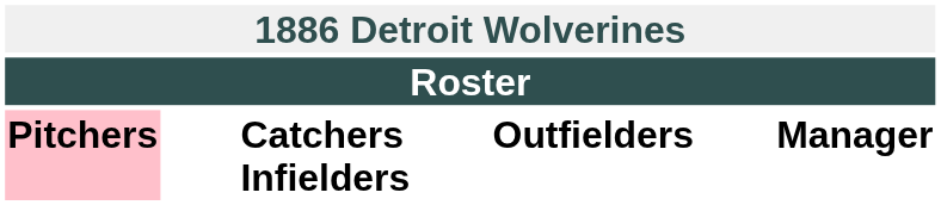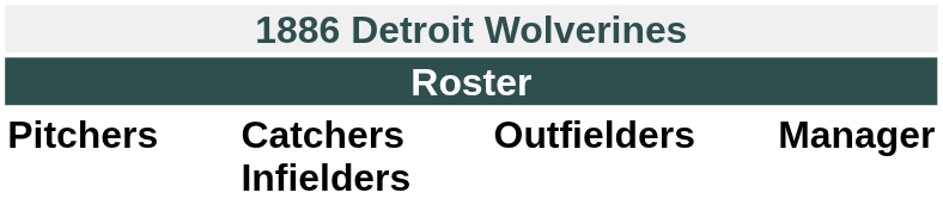 <table class="toccolours" style="font-size: 95%;">
 <tr>
 <th colspan="10" style="background-color: #F0F0F0; color: #2F4F4F; text-align: center;">1886 Detroit Wolverines</th>
 </tr>
 <tr>
 <td colspan="10" style="background-color: #2F4F4F; color: white; text-align: center;"><strong>Roster</strong></td>
 </tr>
 <tr>
-<td valign="top" style="background: pink;"><strong>Pitchers</strong><br>     </td>
+<td valign="top"><strong>Pitchers</strong><br>     </td>
 <td width="25px"></td>
 <td valign="top"><strong>Catchers</strong><br>    <strong>Infielders</strong>      </td>
 <td width="25px"></td>
 <td valign="top"><strong>Outfielders</strong><br>    </td>
 <td width="25px"></td>
 <td valign="top"><strong>Manager</strong><br></td>
 </tr>
 </table>
